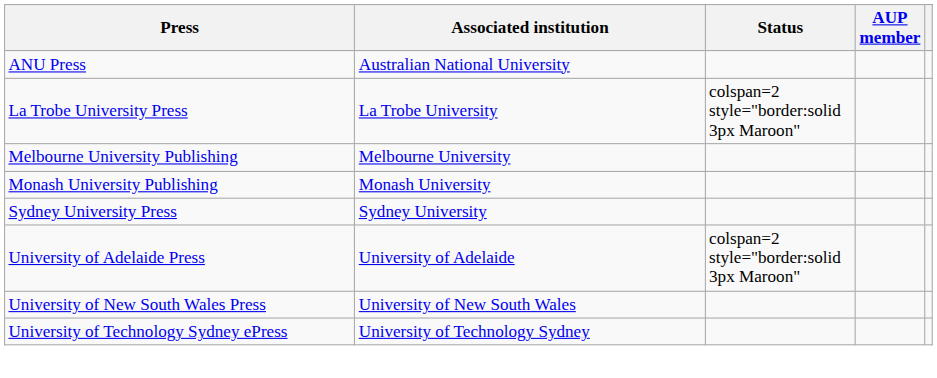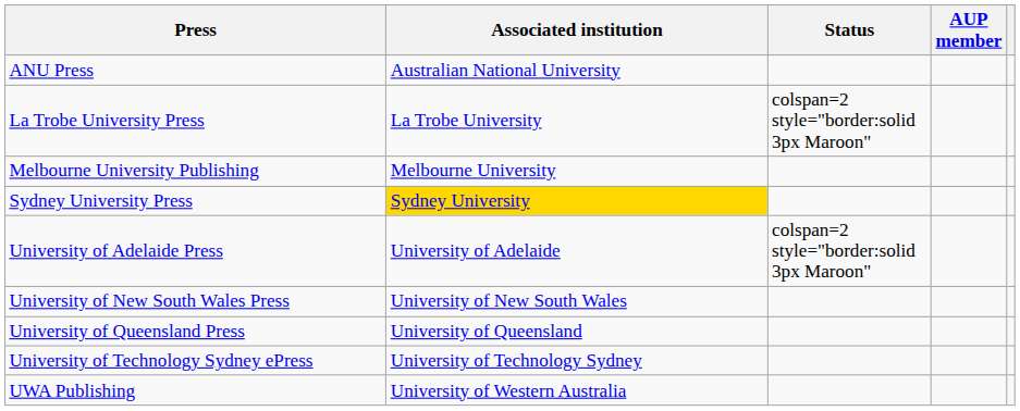 <table class="wikitable sortable">
 <tr>
 <th style="width:20em">Press</th>
 <th style="width:20em">Associated institution</th>
 <th>Status</th>
 <th><a href='#'>AUP<br>member</a></th>
 <th></th>
 </tr>
 <tr>
 <td><a href='#'>ANU Press</a></td>
 <td><a href='#'>Australian National University</a></td>
 <td></td>
 <td></td>
 <td></td>
 </tr>
 <tr>
 <td><a href='#'>La Trobe University Press</a></td>
 <td><a href='#'>La Trobe University</a></td>
 <td>colspan=2 style="border:solid 3px Maroon" </td>
 <td></td>
 </tr>
 <tr>
 <td><a href='#'>Melbourne University Publishing</a></td>
 <td><a href='#'>Melbourne University</a></td>
 <td></td>
 <td></td>
 <td></td>
 </tr>
 <tr>
-<td><a href='#'>Monash University Publishing</a></td>
-<td><a href='#'>Monash University</a></td>
-<td></td>
-<td></td>
-<td></td>
-</tr>
-<tr>
 <td><a href='#'>Sydney University Press</a></td>
-<td><a href='#'>Sydney University</a></td>
+<td style="background: gold;"><a href='#'>Sydney University</a></td>
 <td></td>
 <td></td>
 <td></td>
 </tr>
 <tr>
 <td><a href='#'>University of Adelaide Press</a></td>
 <td><a href='#'>University of Adelaide</a></td>
 <td>colspan=2 style="border:solid 3px Maroon"  </td>
 <td></td>
 </tr>
 <tr>
 <td><a href='#'>University of New South Wales Press</a></td>
 <td><a href='#'>University of New South Wales</a></td>
 <td></td>
 <td></td>
 <td></td>
 </tr>
 <tr>
+<td><a href='#'>University of Queensland Press</a></td>
+<td><a href='#'>University of Queensland</a></td>
+<td></td>
+<td></td>
+<td></td>
+</tr>
+<tr>
 <td><a href='#'>University of Technology Sydney ePress</a></td>
 <td><a href='#'>University of Technology Sydney</a></td>
 <td></td>
 <td></td>
 <td></td>
 </tr>
+<tr>
+<td><a href='#'>UWA Publishing</a></td>
+<td><a href='#'>University of Western Australia</a></td>
+<td></td>
+<td></td>
+<td></td>
+</tr>
 </table>
